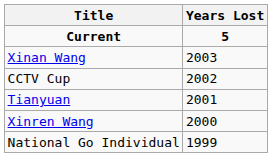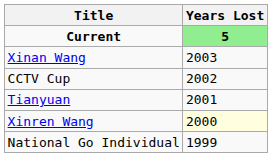 <table class="wikitable">
 <tr>
 <th>Title</th>
 <th>Years Lost</th>
 </tr>
 <tr>
 <td align="center"><strong>Current</strong></td>
-<td align="center"><strong>5</strong></td>
+<td align="center" style="background: lightgreen;"><strong>5</strong></td>
 </tr>
 <tr>
 <td> <a href='#'>Xinan Wang</a></td>
 <td>2003</td>
 </tr>
 <tr>
 <td> CCTV Cup</td>
 <td>2002</td>
 </tr>
 <tr>
 <td> <a href='#'>Tianyuan</a></td>
 <td>2001</td>
 </tr>
 <tr>
 <td> <a href='#'>Xinren Wang</a></td>
-<td>2000</td>
+<td style="background: lightyellow;">2000</td>
 </tr>
 <tr>
 <td> National Go Individual</td>
 <td>1999</td>
 </tr>
 </table>
